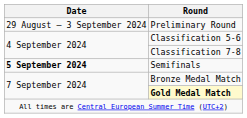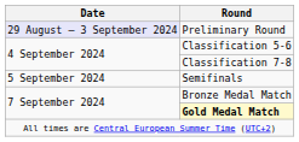 <table class="wikitable">
 <tr>
 <th>Date</th>
 <th>Round</th>
 </tr>
 <tr>
-<td>29 August – 3 September 2024</td>
+<td style="background: lavender;">29 August – 3 September 2024</td>
 <td>Preliminary Round</td>
 </tr>
 <tr>
 <td rowspan=2>4 September 2024</td>
 <td>Classification 5-6</td>
 </tr>
 <tr>
 <td>Classification 7-8</td>
 </tr>
 <tr>
-<td><strong>5 September 2024</strong></td>
+<td>5 September 2024</td>
 <td>Semifinals</td>
 </tr>
 <tr>
 <td rowspan=2>7 September 2024</td>
 <td>Bronze Medal Match</td>
 </tr>
 <tr style=background:lemonchiffon>
 <td><strong>Gold Medal Match</strong></td>
 </tr>
 <tr>
 <td colspan=4 align=center><small>All times are <a href='#'>Central European Summer Time</a> (<a href='#'>UTC+2</a>)</small></td>
 </tr>
 </table>
